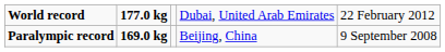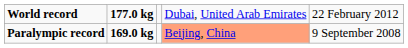 <table class="wikitable">
 <tr>
 <td><strong>World record</strong></td>
 <td><strong>177.0 kg</strong></td>
 <td></td>
 <td><a href='#'>Dubai</a>, <a href='#'>United Arab Emirates</a></td>
 <td>22 February 2012</td>
 </tr>
 <tr>
 <td><strong>Paralympic record</strong></td>
 <td><strong>169.0 kg</strong></td>
 <td></td>
-<td><a href='#'>Beijing</a>, <a href='#'>China</a></td>
+<td style="background: lightsalmon;"><a href='#'>Beijing</a>, <a href='#'>China</a></td>
 <td>9 September 2008</td>
 </tr>
 </table>
